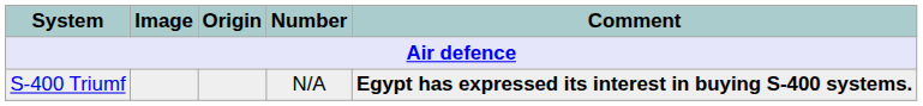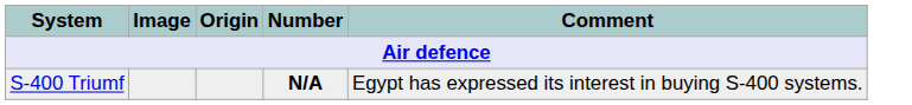 <table class="wikitable"|}>
 <tr>
 <th style="text-align:center; background: #acc;">System</th>
 <th style="text-align:center; background: #acc;">Image</th>
 <th style="text-align:center; background: #acc;">Origin</th>
 <th style="text-align:center; background: #acc;">Number</th>
 <th style="text-align:center; background: #acc;">Comment</th>
 </tr>
 <tr>
 <th style="text-align:center; background: lavender;" colspan="7"><strong> <a href='#'>Air defence</a> </strong></th>
 </tr>
 <tr style="background:#efefef; color:black">
 <td><a href='#'>S-400 Triumf</a></td>
 <td></td>
 <td></td>
-<td align=center>N/A</td>
-<td><strong>Egypt has expressed its interest in buying S-400 systems.</strong></td>
+<td align=center><strong>N/A</strong></td>
+<td>Egypt has expressed its interest in buying S-400 systems.</td>
 </tr>
 </table>
